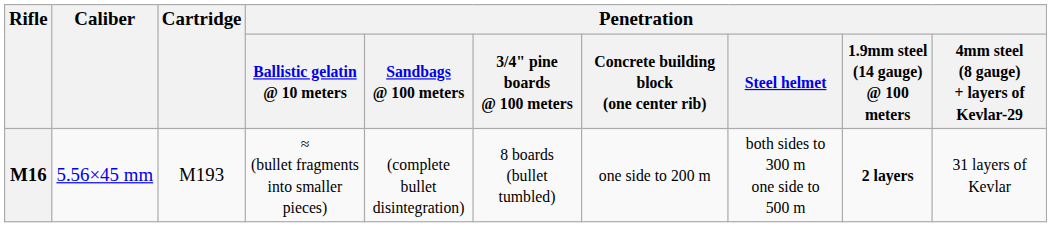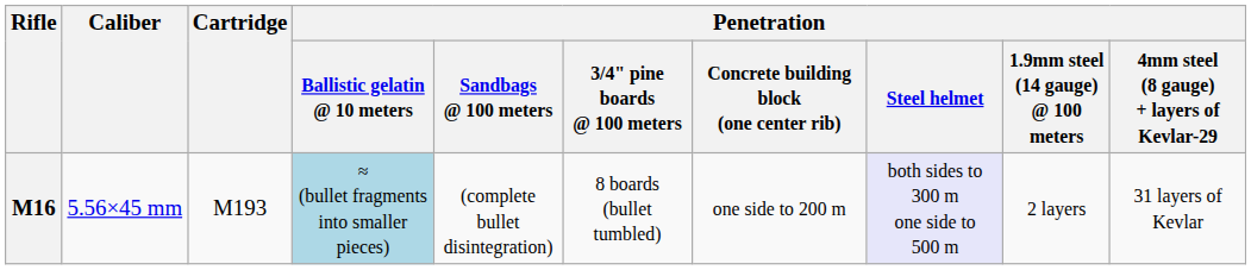 <table class="wikitable" style="margin: 1em auto; text-align:center;">
 <tr valign="top">
 <th rowspan="2">Rifle</th>
 <th rowspan="2">Caliber</th>
 <th rowspan="2">Cartridge</th>
 <th colspan="7">Penetration</th>
 </tr>
 <tr>
 <th><small><a href='#'>Ballistic gelatin</a> <br>@ 10 meters</small></th>
 <th><small><a href='#'>Sandbags</a> <br>@ 100 meters</small></th>
 <th><small>3/4" pine boards <br>@ 100 meters</small></th>
 <th><small>Concrete building block <br>(one center rib)</small></th>
 <th><small><a href='#'>Steel helmet</a></small></th>
 <th><small>1.9mm steel <br>(14 gauge) <br>@ 100 meters</small></th>
 <th><small>4mm steel <br>(8 gauge) <br>+ layers of <br>Kevlar-29</small></th>
 </tr>
 <tr>
 <th>M16</th>
 <td><a href='#'>5.56×45 mm</a></td>
 <td>M193</td>
-<td><small>≈ <br>(bullet fragments <br>into smaller pieces)</small></td>
+<td style="background: lightblue;"><small>≈ <br>(bullet fragments <br>into smaller pieces)</small></td>
 <td><small> <br>(complete bullet <br>disintegration)</small></td>
 <td><small>8 boards <br>(bullet tumbled)</small></td>
 <td><small>one side to 200 m</small></td>
-<td><small>both sides to 300 m <br>one side to 500 m</small></td>
-<td><strong><small>2 layers</small></strong></td>
+<td style="background: lavender;"><small>both sides to 300 m <br>one side to 500 m</small></td>
+<td><small>2 layers</small></td>
 <td><small>31 layers of Kevlar</small></td>
 </tr>
 </table>
